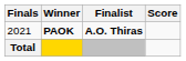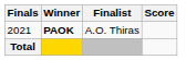 <table class="wikitable">
 <tr>
 <th>Finals</th>
 <th>Winner</th>
 <th>Finalist</th>
 <th>Score</th>
 </tr>
 <tr>
 <td>2021</td>
 <td><strong>PAOK</strong></td>
-<td><strong>A.O. Thiras</strong></td>
+<td>A.O. Thiras</td>
 <td></td>
 </tr>
 <tr>
 <th>Total</th>
 <td bgcolor= gold></td>
 <td bgcolor= silver></td>
 </tr>
 </table>
